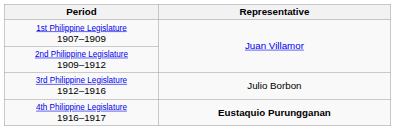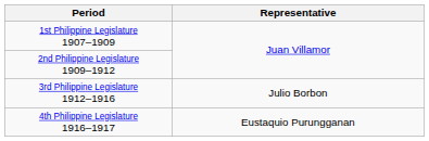 <table class="wikitable" style="text-align:center; width:40%;">
 <tr>
 <th width="40%">Period</th>
 <th>Representative</th>
 </tr>
 <tr>
 <td><small><a href='#'>1st Philippine Legislature</a></small><br>1907–1909</td>
 <td rowspan="2"><a href='#'>Juan Villamor</a></td>
 </tr>
 <tr>
 <td><small><a href='#'>2nd Philippine Legislature</a></small><br>1909–1912</td>
 </tr>
 <tr>
 <td><small><a href='#'>3rd Philippine Legislature</a></small><br>1912–1916</td>
 <td>Julio Borbon</td>
 </tr>
 <tr>
 <td><small><a href='#'>4th Philippine Legislature</a></small><br>1916–1917</td>
-<td><strong>Eustaquio Purungganan</strong></td>
+<td>Eustaquio Purungganan</td>
 </tr>
 </table>
